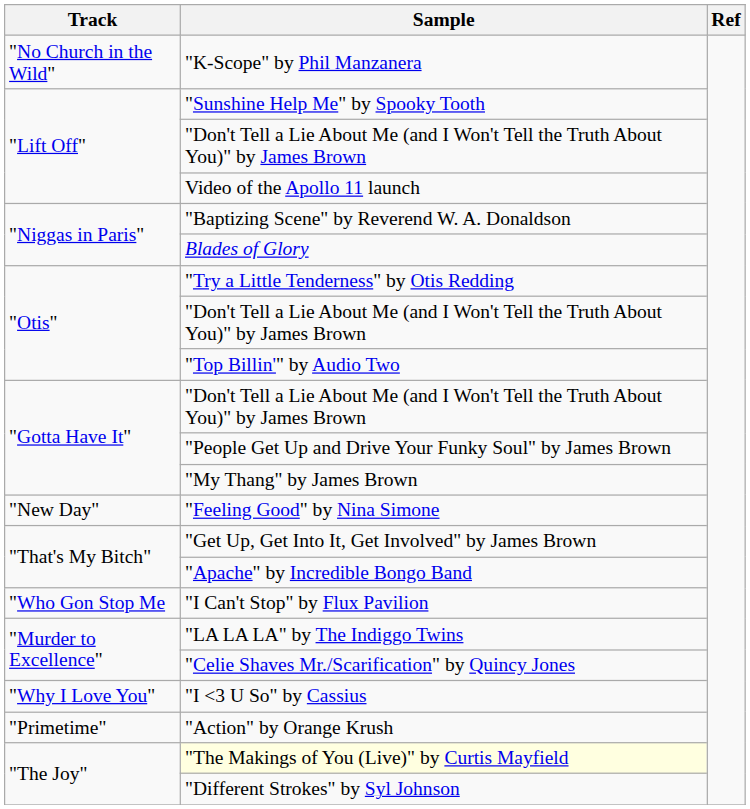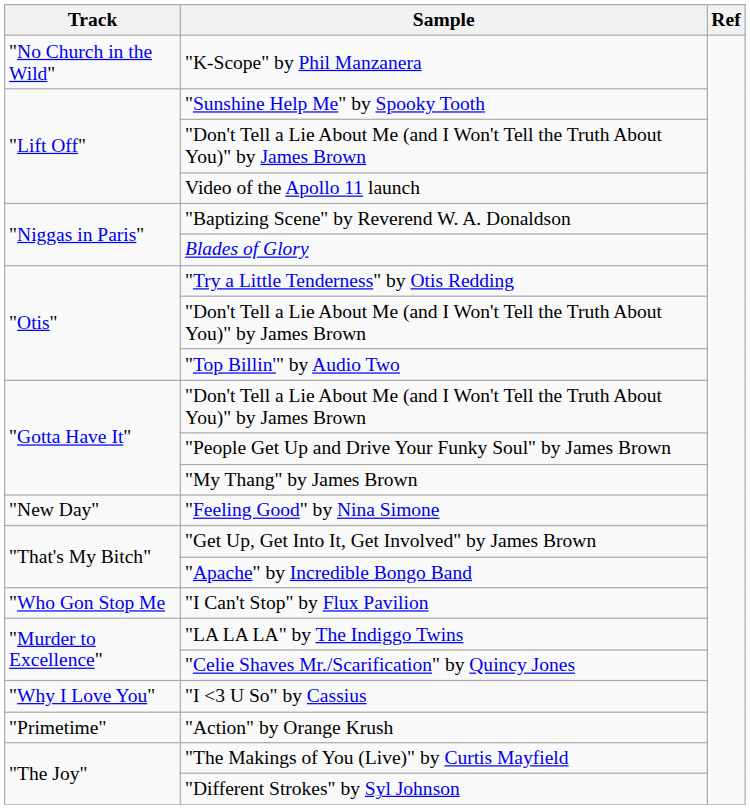 <table class="wikitable">
 <tr>
 <th>Track</th>
 <th>Sample</th>
 <th>Ref</th>
 </tr>
 <tr>
 <td>"<a href='#'>No Church in the Wild</a>"</td>
 <td>"K-Scope" by <a href='#'>Phil Manzanera</a></td>
 <td rowspan="22"></td>
 </tr>
 <tr>
 <td rowspan="3">"<a href='#'>Lift Off</a>"</td>
 <td>"<a href='#'>Sunshine Help Me</a>" by <a href='#'>Spooky Tooth</a></td>
 </tr>
 <tr>
 <td>"Don't Tell a Lie About Me (and I Won't Tell the Truth About You)" by <a href='#'>James Brown</a></td>
 </tr>
 <tr>
 <td>Video of the <a href='#'>Apollo 11</a> launch</td>
 </tr>
 <tr>
 <td rowspan="2">"<a href='#'>Niggas in Paris</a>"</td>
 <td>"Baptizing Scene" by Reverend W. A. Donaldson</td>
 </tr>
 <tr>
 <td><em><a href='#'>Blades of Glory</a></em></td>
 </tr>
 <tr>
 <td rowspan="3">"<a href='#'>Otis</a>"</td>
 <td>"<a href='#'>Try a Little Tenderness</a>" by <a href='#'>Otis Redding</a></td>
 </tr>
 <tr>
 <td>"Don't Tell a Lie About Me (and I Won't Tell the Truth About You)" by James Brown</td>
 </tr>
 <tr>
 <td>"<a href='#'>Top Billin'</a>" by <a href='#'>Audio Two</a></td>
 </tr>
 <tr>
 <td rowspan="3">"<a href='#'>Gotta Have It</a>"</td>
 <td>"Don't Tell a Lie About Me (and I Won't Tell the Truth About You)" by James Brown</td>
 </tr>
 <tr>
 <td>"People Get Up and Drive Your Funky Soul" by James Brown</td>
 </tr>
 <tr>
 <td>"My Thang" by James Brown</td>
 </tr>
 <tr>
 <td>"New Day"</td>
 <td>"<a href='#'>Feeling Good</a>" by <a href='#'>Nina Simone</a></td>
 </tr>
 <tr>
 <td rowspan="2">"That's My Bitch"</td>
 <td>"Get Up, Get Into It, Get Involved" by James Brown</td>
 </tr>
 <tr>
 <td>"<a href='#'>Apache</a>" by <a href='#'>Incredible Bongo Band</a></td>
 </tr>
 <tr>
 <td>"<a href='#'>Who Gon Stop Me</a></td>
 <td>"I Can't Stop" by <a href='#'>Flux Pavilion</a></td>
 </tr>
 <tr>
 <td rowspan="2">"<a href='#'>Murder to Excellence</a>"</td>
 <td>"LA LA LA" by <a href='#'>The Indiggo Twins</a></td>
 </tr>
 <tr>
 <td>"<a href='#'>Celie Shaves Mr./Scarification</a>" by <a href='#'>Quincy Jones</a></td>
 </tr>
 <tr>
 <td>"<a href='#'>Why I Love You</a>"</td>
 <td>"I <3 U So" by <a href='#'>Cassius</a></td>
 </tr>
 <tr>
 <td>"Primetime"</td>
 <td>"Action" by Orange Krush</td>
 </tr>
 <tr>
 <td rowspan="2">"The Joy"</td>
-<td style="background: lightyellow;">"The Makings of You (Live)" by <a href='#'>Curtis Mayfield</a></td>
+<td>"The Makings of You (Live)" by <a href='#'>Curtis Mayfield</a></td>
 </tr>
 <tr>
 <td>"Different Strokes" by <a href='#'>Syl Johnson</a></td>
 </tr>
 </table>
